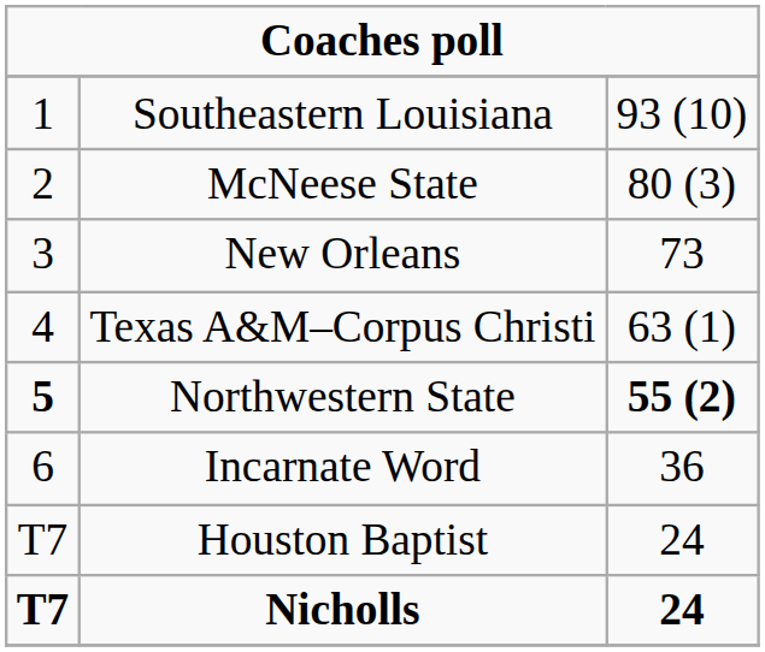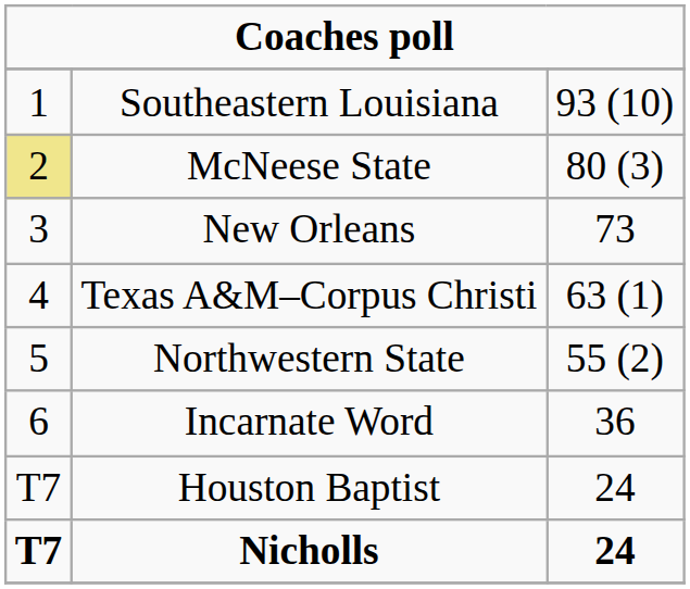 <table class="wikitable">
 <tr align="center">
 <td align="center" Colspan="3"><strong>Coaches poll</strong></td>
 </tr>
 <tr align="center">
 </tr>
 <tr align="center">
 <td>1</td>
 <td>Southeastern Louisiana</td>
 <td>93 (10)</td>
 </tr>
 <tr align="center">
-<td>2</td>
+<td style="background: khaki;">2</td>
 <td>McNeese State</td>
 <td>80 (3)</td>
 </tr>
 <tr align="center">
 <td>3</td>
 <td>New Orleans</td>
 <td>73</td>
 </tr>
 <tr align="center">
 <td>4</td>
 <td>Texas A&M–Corpus Christi</td>
 <td>63 (1)</td>
 </tr>
 <tr align="center">
-<td><strong>5</strong></td>
+<td>5</td>
 <td>Northwestern State</td>
-<td><strong>55 (2)</strong></td>
+<td>55 (2)</td>
 </tr>
 <tr align="center">
 <td>6</td>
 <td>Incarnate Word</td>
 <td>36</td>
 </tr>
 <tr align="center">
 <td>T7</td>
 <td>Houston Baptist</td>
 <td>24</td>
 </tr>
 <tr align="center">
 <td><strong>T7</strong></td>
 <td><strong>Nicholls</strong></td>
 <td><strong>24</strong></td>
 </tr>
 <tr align="center">
 </tr>
 </table>
